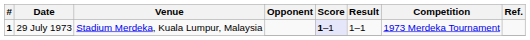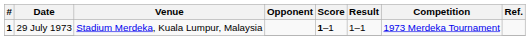 <table class="wikitable">
 <tr>
 <th>#</th>
 <th>Date</th>
 <th>Venue</th>
 <th>Opponent</th>
 <th>Score</th>
 <th>Result</th>
 <th>Competition</th>
 <th>Ref.</th>
 </tr>
 <tr>
 <td><strong>1</strong></td>
 <td>29 July 1973</td>
 <td rowspan="3"><a href='#'>Stadium Merdeka</a>, Kuala Lumpur, Malaysia</td>
 <td></td>
-<td style="background: lavender;"><strong>1</strong>–1</td>
+<td><strong>1</strong>–1</td>
 <td>1–1</td>
 <td rowspan="3"><a href='#'>1973 Merdeka Tournament</a></td>
 <td></td>
 </tr>
 <tr>
 </tr>
 </table>
